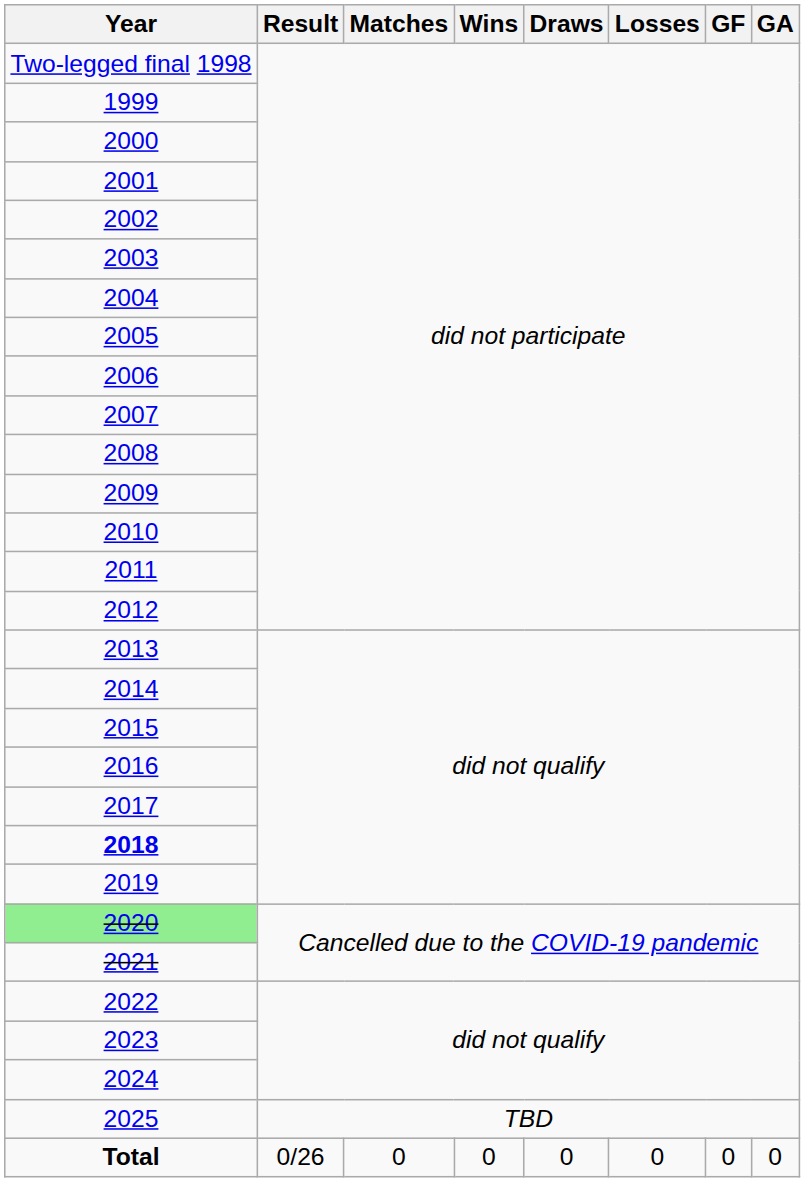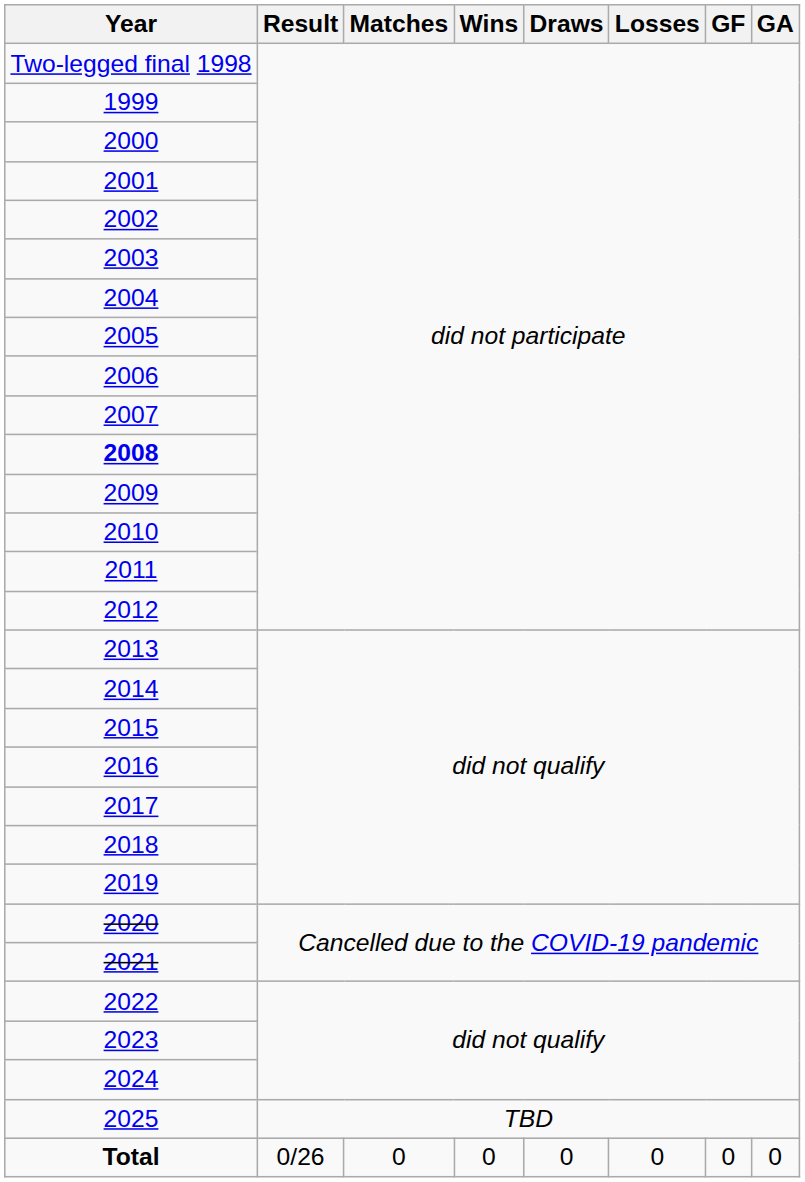 <table class="wikitable" style="text-align: center;">
 <tr>
 <th>Year</th>
 <th>Result</th>
 <th>Matches</th>
 <th>Wins</th>
 <th>Draws</th>
 <th>Losses</th>
 <th>GF</th>
 <th>GA</th>
 </tr>
 <tr>
 <td><a href='#'>Two-legged final</a> <a href='#'>1998</a></td>
 <td colspan=7 rowspan=15><em>did not participate</em></td>
 </tr>
 <tr>
 <td> <a href='#'>1999</a></td>
 </tr>
 <tr>
 <td> <a href='#'>2000</a></td>
 </tr>
 <tr>
 <td> <a href='#'>2001</a></td>
 </tr>
 <tr>
 <td> <a href='#'>2002</a></td>
 </tr>
 <tr>
 <td> <a href='#'>2003</a></td>
 </tr>
 <tr>
 <td> <a href='#'>2004</a></td>
 </tr>
 <tr>
 <td> <a href='#'>2005</a></td>
 </tr>
 <tr>
 <td> <a href='#'>2006</a></td>
 </tr>
 <tr>
 <td> <a href='#'>2007</a></td>
 </tr>
 <tr>
-<td> <a href='#'>2008</a></td>
+<td><strong> <a href='#'>2008</a></strong></td>
 </tr>
 <tr>
 <td> <a href='#'>2009</a></td>
 </tr>
 <tr>
 <td> <a href='#'>2010</a></td>
 </tr>
 <tr>
 <td> <a href='#'>2011</a></td>
 </tr>
 <tr>
 <td> <a href='#'>2012</a></td>
 </tr>
 <tr>
 <td> <a href='#'>2013</a></td>
 <td colspan=7 rowspan=7><em>did not qualify</em></td>
 </tr>
 <tr>
 <td> <a href='#'>2014</a></td>
 </tr>
 <tr>
 <td> <a href='#'>2015</a></td>
 </tr>
 <tr>
 <td> <a href='#'>2016</a></td>
 </tr>
 <tr>
 <td> <a href='#'>2017</a></td>
 </tr>
 <tr>
-<td><strong> <a href='#'>2018</a></strong></td>
+<td> <a href='#'>2018</a></td>
 </tr>
 <tr>
 <td> <a href='#'>2019</a></td>
 </tr>
 <tr>
-<td style="background: lightgreen;"> <s><a href='#'>2020</a></s></td>
+<td> <s><a href='#'>2020</a></s></td>
 <td colspan=7 rowspan=2><em>Cancelled due to the <a href='#'>COVID-19 pandemic</a></em></td>
 </tr>
 <tr>
 <td> <s><a href='#'>2021</a></s></td>
 </tr>
 <tr>
 <td> <a href='#'>2022</a></td>
 <td colspan=7 rowspan=3><em>did not qualify</em></td>
 </tr>
 <tr>
 <td> <a href='#'>2023</a></td>
 </tr>
 <tr>
 <td> <a href='#'>2024</a></td>
 </tr>
 <tr>
 <td> <a href='#'>2025</a></td>
 <td colspan=8 rowspan=1><em>TBD</em></td>
 </tr>
 <tr>
 <td><strong>Total</strong></td>
 <td>0/26</td>
 <td>0</td>
 <td>0</td>
 <td>0</td>
 <td>0</td>
 <td>0</td>
 <td>0</td>
 </tr>
 </table>
